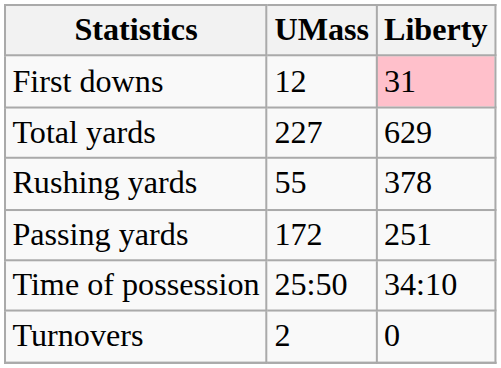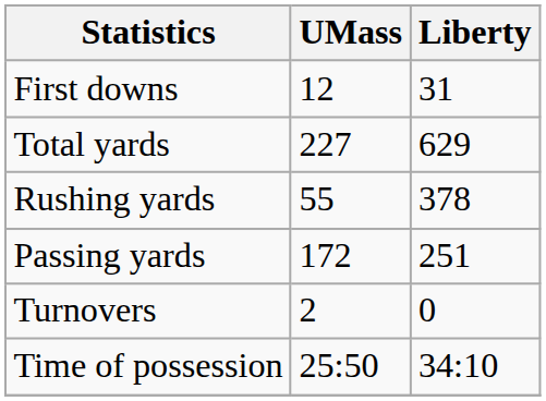 <table class="wikitable">
 <tr>
 <th>Statistics</th>
 <th>UMass</th>
 <th>Liberty</th>
 </tr>
 <tr>
 <td>First downs</td>
 <td>12</td>
-<td style="background: pink;">31</td>
+<td>31</td>
 </tr>
 <tr>
 <td>Total yards</td>
 <td>227</td>
 <td>629</td>
 </tr>
 <tr>
 <td>Rushing yards</td>
 <td>55</td>
 <td>378</td>
 </tr>
 <tr>
 <td>Passing yards</td>
 <td>172</td>
 <td>251</td>
 </tr>
 <tr>
+<td>Turnovers</td>
+<td>2</td>
+<td>0</td>
+</tr>
+<tr>
 <td>Time of possession</td>
 <td>25:50</td>
 <td>34:10</td>
 </tr>
 <tr>
-<td>Turnovers</td>
-<td>2</td>
-<td>0</td>
-</tr>
-<tr>
 </tr>
 </table>
